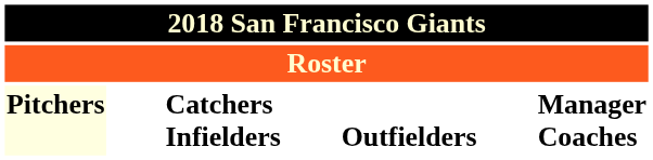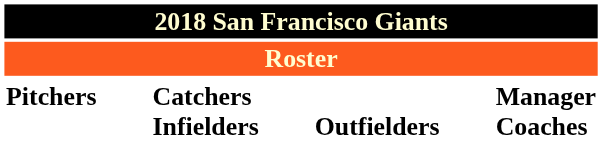 <table class="toccolours" style="font-size: 95%;">
 <tr>
 <th colspan="10" style="background:black; color:#fffdd0; text-align:center;">2018 San Francisco Giants</th>
 </tr>
 <tr>
 <td colspan="10" style="background:#fd5a1e; color:#fffdd0; text-align:center;"><strong>Roster</strong></td>
 </tr>
 <tr>
-<td valign="top" style="background: lightyellow;"><strong>Pitchers</strong><br>                        </td>
+<td valign="top"><strong>Pitchers</strong><br>                        </td>
 <td style="width:25px;"></td>
 <td valign="top"><strong>Catchers</strong><br>  <strong>Infielders</strong>            </td>
 <td style="width:25px;"></td>
 <td valign="top"><br><strong>Outfielders</strong>         </td>
 <td style="width:25px;"></td>
 <td valign="top"><strong>Manager</strong><br> <strong>Coaches</strong>                      </td>
 </tr>
 </table>
